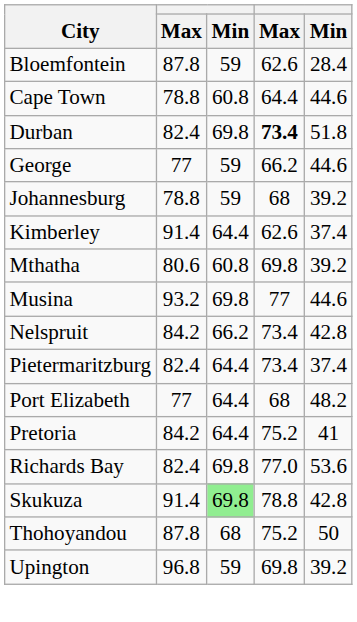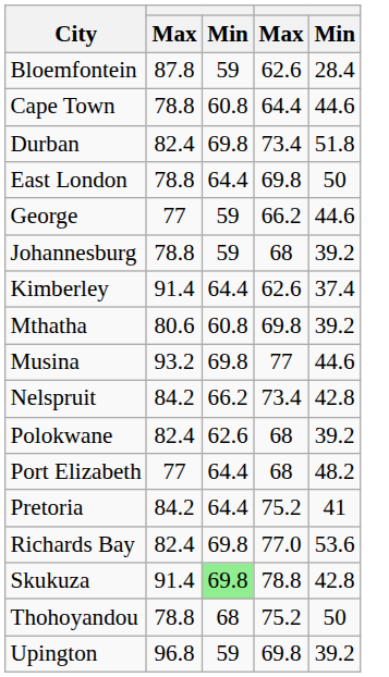 <table class="wikitable sortable" style="text-align:center; display:inline-table;">
 <tr>
 <th rowspan="2" valign=bottom>City</th>
 <th colspan="2"></th>
 <th colspan="2"></th>
 </tr>
 <tr>
 <th data-sort-type="number">Max</th>
 <th data-sort-type="number">Min</th>
 <th data-sort-type="number">Max</th>
 <th data-sort-type="number">Min</th>
 </tr>
 <tr>
 <td style=text-align:left>Bloemfontein</td>
 <td>87.8</td>
 <td>59</td>
 <td>62.6</td>
 <td>28.4</td>
 </tr>
 <tr>
 <td style=text-align:left>Cape Town</td>
 <td>78.8</td>
 <td>60.8</td>
 <td>64.4</td>
 <td>44.6</td>
 </tr>
 <tr>
 <td style=text-align:left>Durban</td>
 <td>82.4</td>
 <td>69.8</td>
-<td><strong>73.4</strong></td>
+<td>73.4</td>
 <td>51.8</td>
+</tr>
+<tr>
+<td style=text-align:left>East London</td>
+<td>78.8</td>
+<td>64.4</td>
+<td>69.8</td>
+<td>50</td>
 </tr>
 <tr>
 <td style=text-align:left>George</td>
 <td>77</td>
 <td>59</td>
 <td>66.2</td>
 <td>44.6</td>
 </tr>
 <tr>
 <td style=text-align:left>Johannesburg</td>
 <td>78.8</td>
 <td>59</td>
 <td>68</td>
 <td>39.2</td>
 </tr>
 <tr>
 <td style=text-align:left>Kimberley</td>
 <td>91.4</td>
 <td>64.4</td>
 <td>62.6</td>
 <td>37.4</td>
 </tr>
 <tr>
 <td style=text-align:left>Mthatha</td>
 <td>80.6</td>
 <td>60.8</td>
 <td>69.8</td>
 <td>39.2</td>
 </tr>
 <tr>
 <td style=text-align:left>Musina</td>
 <td>93.2</td>
 <td>69.8</td>
 <td>77</td>
 <td>44.6</td>
 </tr>
 <tr>
 <td style=text-align:left>Nelspruit</td>
 <td>84.2</td>
 <td>66.2</td>
 <td>73.4</td>
 <td>42.8</td>
 </tr>
 <tr>
-<td style=text-align:left>Pietermaritzburg</td>
+<td style=text-align:left>Polokwane</td>
 <td>82.4</td>
-<td>64.4</td>
-<td>73.4</td>
-<td>37.4</td>
+<td>62.6</td>
+<td>68</td>
+<td>39.2</td>
 </tr>
 <tr>
 <td style=text-align:left>Port Elizabeth</td>
 <td>77</td>
 <td>64.4</td>
 <td>68</td>
 <td>48.2</td>
 </tr>
 <tr>
 <td style=text-align:left>Pretoria</td>
 <td>84.2</td>
 <td>64.4</td>
 <td>75.2</td>
 <td>41</td>
 </tr>
 <tr>
 <td style=text-align:left>Richards Bay</td>
 <td>82.4</td>
 <td>69.8</td>
 <td>77.0</td>
 <td>53.6</td>
 </tr>
 <tr>
 <td style=text-align:left>Skukuza</td>
 <td>91.4</td>
 <td style="background: lightgreen;">69.8</td>
 <td>78.8</td>
 <td>42.8</td>
 </tr>
 <tr>
 <td style=text-align:left>Thohoyandou</td>
-<td>87.8</td>
+<td>78.8</td>
 <td>68</td>
 <td>75.2</td>
 <td>50</td>
 </tr>
 <tr>
 <td style=text-align:left>Upington</td>
 <td>96.8</td>
 <td>59</td>
 <td>69.8</td>
 <td>39.2</td>
 </tr>
 </table>
